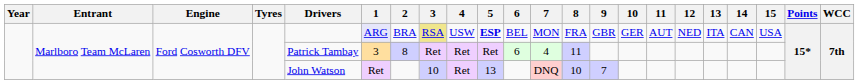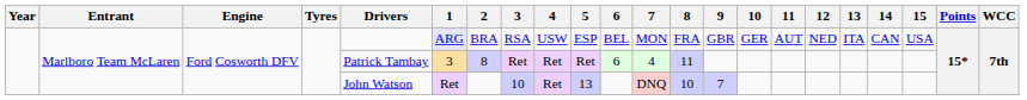 <table class="wikitable" style="text-align:center; font-size:90%">
 <tr>
 <th>Year</th>
 <th>Entrant</th>
 <th>Engine</th>
 <th>Tyres</th>
 <th>Drivers</th>
 <th>1</th>
 <th>2</th>
 <th>3</th>
 <th>4</th>
 <th>5</th>
 <th>6</th>
 <th>7</th>
 <th>8</th>
 <th>9</th>
 <th>10</th>
 <th>11</th>
 <th>12</th>
 <th>13</th>
 <th>14</th>
 <th>15</th>
 <th><a href='#'>Points</a></th>
 <th>WCC</th>
 </tr>
 <tr>
 <td rowspan="3"></td>
 <td rowspan="3"><a href='#'>Marlboro</a> <a href='#'>Team McLaren</a></td>
 <td rowspan="3"><a href='#'>Ford</a> <a href='#'>Cosworth DFV</a></td>
 <td rowspan="3"></td>
 <td></td>
 <td style="background: lavender;"><a href='#'>ARG</a></td>
 <td><a href='#'>BRA</a></td>
-<td style="background: khaki;"><a href='#'>RSA</a></td>
+<td><a href='#'>RSA</a></td>
 <td><a href='#'>USW</a></td>
-<td><strong><a href='#'>ESP</a></strong></td>
+<td><a href='#'>ESP</a></td>
 <td><a href='#'>BEL</a></td>
 <td><a href='#'>MON</a></td>
 <td><a href='#'>FRA</a></td>
 <td><a href='#'>GBR</a></td>
 <td><a href='#'>GER</a></td>
 <td><a href='#'>AUT</a></td>
 <td><a href='#'>NED</a></td>
 <td><a href='#'>ITA</a></td>
 <td><a href='#'>CAN</a></td>
 <td><a href='#'>USA</a></td>
 <th rowspan="3">15*</th>
 <th rowspan="3">7th</th>
 </tr>
 <tr>
 <td align="left"><a href='#'>Patrick Tambay</a></td>
 <td style="background:#ffdf9f;">3</td>
 <td style="background:#cfcfff;">8</td>
 <td style="background:#efcfff;">Ret</td>
 <td style="background:#efcfff;">Ret</td>
 <td style="background:#efcfff;">Ret</td>
 <td style="background:#dfffdf;">6</td>
 <td style="background:#dfffdf;">4</td>
 <td style="background:#cfcfff;">11</td>
 <td></td>
 <td></td>
 <td></td>
 <td></td>
 <td></td>
 <td></td>
 <td></td>
 </tr>
 <tr>
 <td align="left"><a href='#'>John Watson</a></td>
 <td style="background:#efcfff;">Ret</td>
 <td></td>
 <td style="background:#cfcfff;">10</td>
 <td style="background:#efcfff;">Ret</td>
 <td style="background:#cfcfff;">13</td>
 <td></td>
 <td style="background:#ffcfcf;">DNQ</td>
 <td style="background:#cfcfff;">10</td>
 <td style="background:#cfcfff;">7</td>
 <td></td>
 <td></td>
 <td></td>
 <td></td>
 <td></td>
 <td></td>
 </tr>
 </table>
